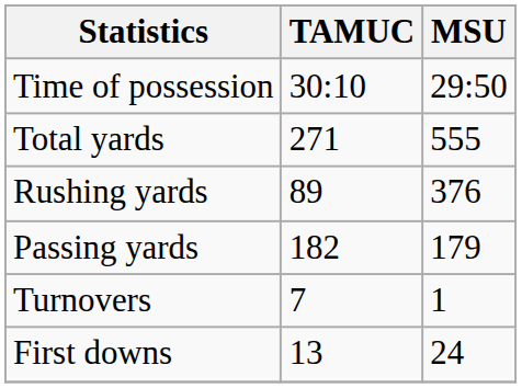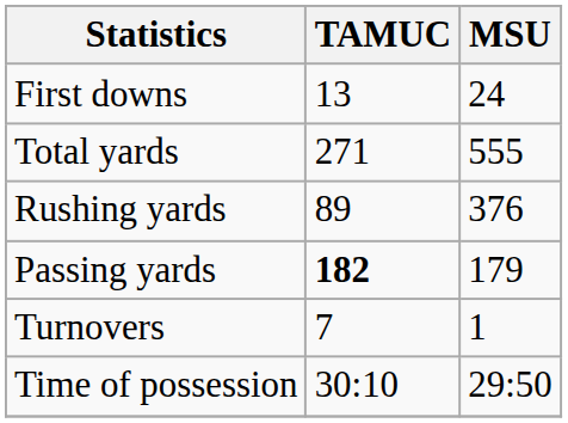 <table class="wikitable">
 <tr>
 <th>Statistics</th>
 <th>TAMUC</th>
 <th>MSU</th>
 </tr>
 <tr>
-<td>Time of possession</td>
-<td>30:10</td>
-<td>29:50</td>
+<td>First downs</td>
+<td>13</td>
+<td>24</td>
 </tr>
 <tr>
 <td>Total yards</td>
 <td>271</td>
 <td>555</td>
 </tr>
 <tr>
 <td>Rushing yards</td>
 <td>89</td>
 <td>376</td>
 </tr>
 <tr>
 <td>Passing yards</td>
-<td>182</td>
+<td><strong>182</strong></td>
 <td>179</td>
 </tr>
 <tr>
 <td>Turnovers</td>
 <td>7</td>
 <td>1</td>
 </tr>
 <tr>
-<td>First downs</td>
-<td>13</td>
-<td>24</td>
+<td>Time of possession</td>
+<td>30:10</td>
+<td>29:50</td>
 </tr>
 <tr>
 </tr>
 </table>
